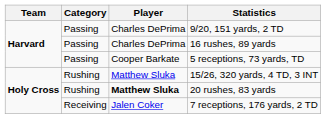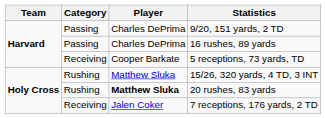 <table class="wikitable" style="float: right;">
 <tr>
 <th>Team</th>
 <th>Category</th>
 <th>Player</th>
 <th>Statistics</th>
 </tr>
 <tr>
 <td rowspan=3><strong>Harvard</strong></td>
 <td>Passing</td>
 <td>Charles DePrima</td>
 <td>9/20, 151 yards, 2 TD</td>
 </tr>
 <tr>
 <td>Passing</td>
 <td>Charles DePrima</td>
 <td>16 rushes, 89 yards</td>
 </tr>
 <tr>
-<td>Passing</td>
+<td>Receiving</td>
 <td>Cooper Barkate</td>
 <td>5 receptions, 73 yards, TD</td>
 </tr>
 <tr>
 <td rowspan=3><strong>Holy Cross</strong></td>
 <td>Rushing</td>
 <td><a href='#'>Matthew Sluka</a></td>
 <td>15/26, 320 yards, 4 TD, 3 INT</td>
 </tr>
 <tr>
 <td>Rushing</td>
 <td><strong>Matthew Sluka</strong></td>
 <td>20 rushes, 83 yards</td>
 </tr>
 <tr>
 <td>Receiving</td>
 <td><a href='#'>Jalen Coker</a></td>
 <td>7 receptions, 176 yards, 2 TD</td>
 </tr>
 </table>
